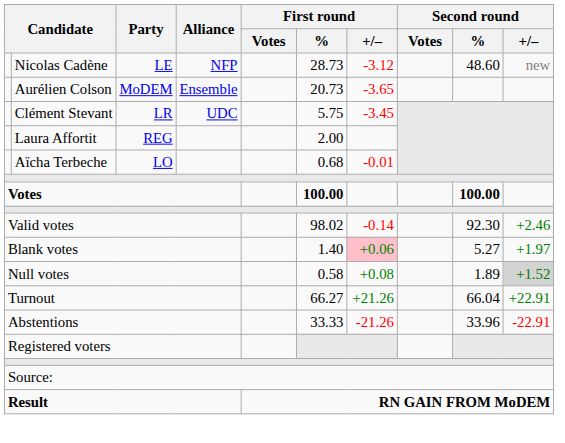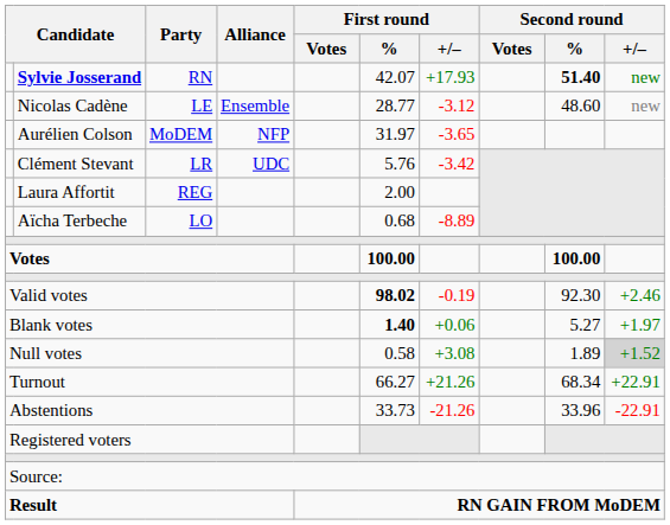 <table class="wikitable" style="text-align:right;font-size:95%;">
 <tr>
 <th rowspan="2" colspan="2">Candidate</th>
 <th colspan="1" rowspan="2">Party</th>
 <th colspan="1" rowspan="2">Alliance</th>
 <th colspan="3">First round</th>
 <th colspan="3">Second round</th>
 </tr>
 <tr>
 <th style="width:50px;">Votes</th>
 <th style="width:45px;">%</th>
 <th style="width:45px;">+/–</th>
 <th style="width:50px;">Votes</th>
 <th style="width:45px;">%</th>
 <th style="width:45px;">+/–</th>
 </tr>
 <tr>
 <td style="color:inherit;background:"></td>
+<td style="text-align:left;"><strong><a href='#'>Sylvie Josserand</a></strong></td>
+<td><a href='#'>RN</a></td>
+<td></td>
+<td></td>
+<td>42.07</td>
+<td style="color:green;">+17.93</td>
+<td><strong></strong></td>
+<td><strong>51.40</strong></td>
+<td style="color:green;">new</td>
+</tr>
+<tr>
+<td style="color:inherit;background:"></td>
 <td style="text-align:left;">Nicolas Cadène</td>
 <td><a href='#'>LE</a></td>
-<td><a href='#'>NFP</a></td>
+<td><a href='#'>Ensemble</a></td>
 <td></td>
-<td>28.73</td>
+<td>28.77</td>
 <td style="color:red;">-3.12</td>
 <td></td>
 <td>48.60</td>
 <td style="color:grey;">new</td>
 </tr>
 <tr>
 <td style="color:inherit;background:"></td>
 <td style="text-align:left;">Aurélien Colson</td>
 <td><a href='#'>MoDEM</a></td>
-<td><a href='#'>Ensemble</a></td>
+<td><a href='#'>NFP</a></td>
 <td></td>
-<td>20.73</td>
+<td>31.97</td>
 <td style="color:red;">-3.65</td>
 <td></td>
 <td></td>
 <td style="color:grey;"></td>
 </tr>
 <tr>
 <td style="color:inherit;background:"></td>
 <td style="text-align:left;">Clément Stevant</td>
 <td><a href='#'>LR</a></td>
 <td><a href='#'>UDC</a></td>
 <td></td>
-<td>5.75</td>
-<td style="color:red;">-3.45</td>
+<td>5.76</td>
+<td style="color:red;">-3.42</td>
 <td colspan="3" rowspan="3" style="background:#E9E9E9;"></td>
 </tr>
 <tr>
 <td style="color:inherit;background:"></td>
 <td style="text-align:left;">Laura Affortit</td>
 <td><a href='#'>REG</a></td>
 <td></td>
 <td></td>
 <td>2.00</td>
 <td style="color:grey;"></td>
 </tr>
 <tr>
 <td style="color:inherit;background:"></td>
 <td style="text-align:left;">Aïcha Terbeche</td>
 <td><a href='#'>LO</a></td>
 <td></td>
 <td></td>
 <td>0.68</td>
-<td style="color:red;">-0.01</td>
+<td style="color:red;">-8.89</td>
 </tr>
 <tr>
 <td colspan="10" style="background:#E9E9E9;"></td>
 </tr>
 <tr style="font-weight:bold;">
 <td colspan="4" style="text-align:left;">Votes</td>
 <td></td>
 <td>100.00</td>
 <td></td>
 <td></td>
 <td>100.00</td>
 <td></td>
 </tr>
 <tr>
 <td colspan="10" style="background:#E9E9E9;"></td>
 </tr>
 <tr>
 <td colspan="4" style="text-align:left;">Valid votes</td>
 <td></td>
-<td>98.02</td>
-<td style="color:red;">-0.14</td>
+<td><strong>98.02</strong></td>
+<td style="color:red;">-0.19</td>
 <td></td>
 <td>92.30</td>
 <td style="color:green;">+2.46</td>
 </tr>
 <tr>
 <td colspan="4" style="text-align:left;">Blank votes</td>
 <td></td>
-<td>1.40</td>
-<td style="background: pink; color:green;">+0.06</td>
+<td><strong>1.40</strong></td>
+<td style="color:green;">+0.06</td>
 <td></td>
 <td>5.27</td>
 <td style="color:green;">+1.97</td>
 </tr>
 <tr>
 <td colspan="4" style="text-align:left;">Null votes</td>
 <td></td>
 <td>0.58</td>
-<td style="color:green;">+0.08</td>
+<td style="color:green;">+3.08</td>
 <td></td>
 <td>1.89</td>
 <td style="background: lightgrey; color:green;">+1.52</td>
 </tr>
 <tr>
 <td colspan="4" style="text-align:left;">Turnout</td>
 <td></td>
 <td>66.27</td>
 <td style="color:green;">+21.26</td>
 <td></td>
-<td>66.04</td>
+<td>68.34</td>
 <td style="color:green;">+22.91</td>
 </tr>
 <tr>
 <td colspan="4" style="text-align:left;">Abstentions</td>
 <td></td>
-<td>33.33</td>
+<td>33.73</td>
 <td style="color:red;">-21.26</td>
 <td></td>
 <td>33.96</td>
 <td style="color:red;">-22.91</td>
 </tr>
 <tr>
 <td colspan="4" style="text-align:left;">Registered voters</td>
 <td></td>
 <td colspan="2" style="background:#E9E9E9;"></td>
 <td></td>
 <td colspan="2" style="background:#E9E9E9;"></td>
 </tr>
 <tr>
 <td colspan="10" style="background:#E9E9E9;"></td>
 </tr>
 <tr>
 <td colspan="10" style="text-align:left;">Source: </td>
 </tr>
 <tr style="font-weight:bold">
 <td colspan="4" style="text-align:left;">Result</td>
 <td colspan="6" style="background-color:">RN GAIN FROM MoDEM</td>
 </tr>
 </table>
